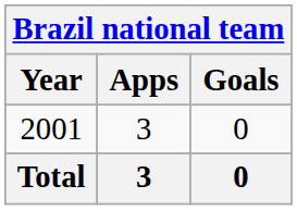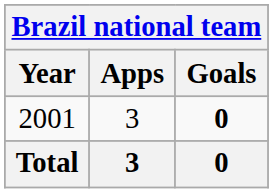 <table class="wikitable" style="text-align:center">
 <tr>
 <th colspan=3><a href='#'>Brazil national team</a></th>
 </tr>
 <tr>
 <th>Year</th>
 <th>Apps</th>
 <th>Goals</th>
 </tr>
 <tr>
 <td>2001</td>
 <td>3</td>
-<td>0</td>
+<td><strong>0</strong></td>
 </tr>
 <tr>
 <th>Total</th>
 <th>3</th>
 <th>0</th>
 </tr>
 </table>
